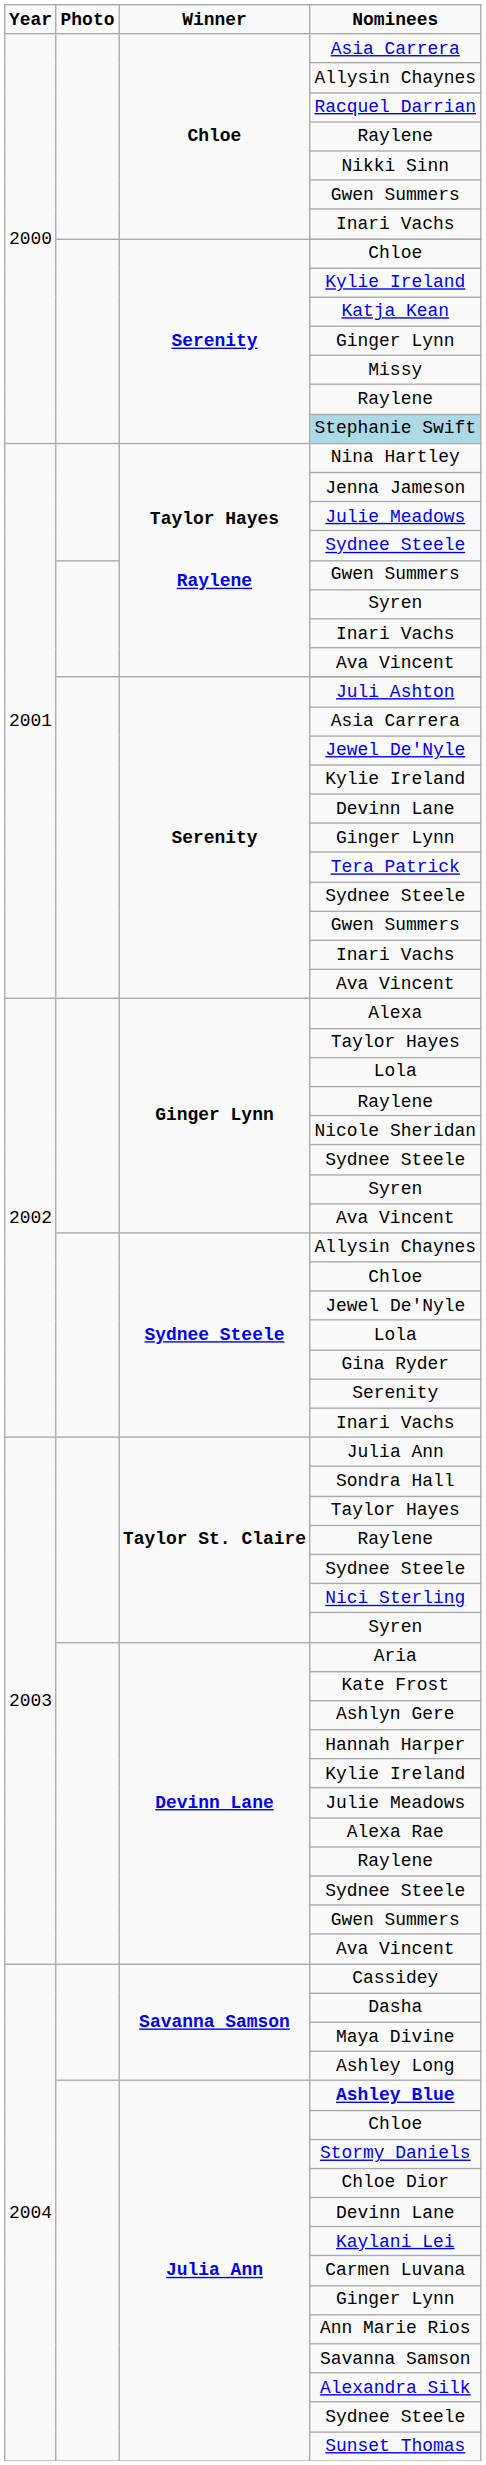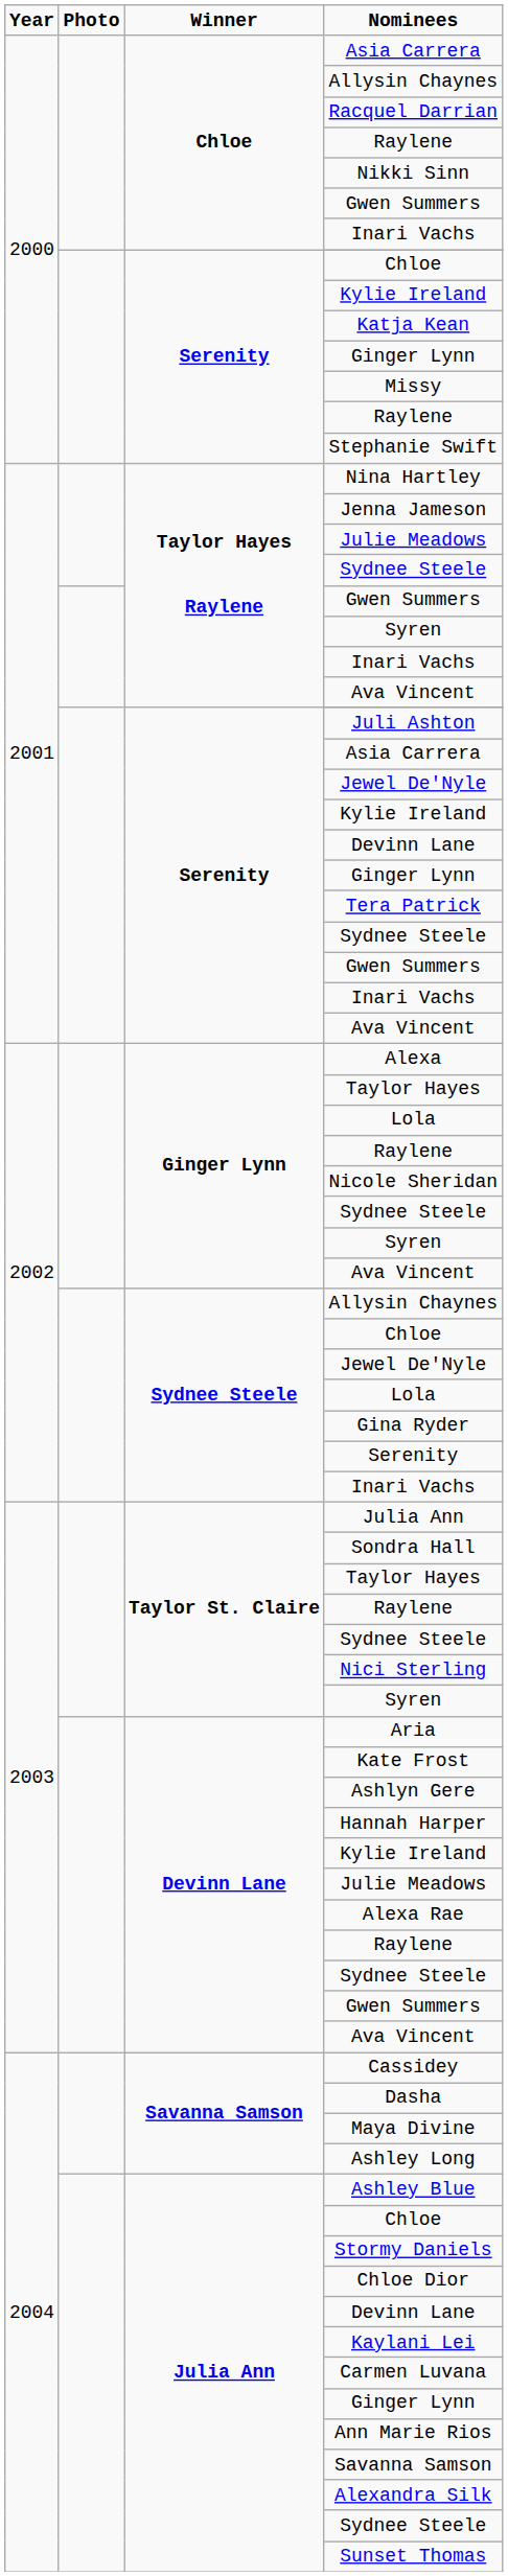 <table class=wikitable>
 <tr>
 <td align=center><strong>Year</strong></td>
 <td align=center><strong>Photo</strong></td>
 <td align=center><strong>Winner<br></strong></td>
 <td align=center><strong>Nominees<br></strong></td>
 </tr>
 <tr>
 <td rowspan=15>2000</td>
 <td rowspan=7 align=center></td>
 <td rowspan=7 align=center><strong>Chloe</strong> <br></td>
 <td align=center><a href='#'>Asia Carrera</a><br></td>
 </tr>
 <tr>
 <td align=center>Allysin Chaynes<br></td>
 </tr>
 <tr>
 <td align=center><a href='#'>Racquel Darrian</a><br></td>
 </tr>
 <tr>
 <td align=center>Raylene<br></td>
 </tr>
 <tr>
 <td align=center>Nikki Sinn<br></td>
 </tr>
 <tr>
 <td align=center>Gwen Summers<br></td>
 </tr>
 <tr>
 <td align=center>Inari Vachs<br></td>
 </tr>
 <tr>
 <td rowspan=8 align=center></td>
 <td rowspan=8 align=center><strong><a href='#'>Serenity</a></strong> <br></td>
 </tr>
 <tr>
 <td align=center>Chloe<br></td>
 </tr>
 <tr>
 <td align=center><a href='#'>Kylie Ireland</a><br></td>
 </tr>
 <tr>
 <td align=center><a href='#'>Katja Kean</a><br></td>
 </tr>
 <tr>
 <td align=center>Ginger Lynn<br></td>
 </tr>
 <tr>
 <td align=center>Missy<br></td>
 </tr>
 <tr>
 <td align=center>Raylene<br></td>
 </tr>
 <tr>
-<td align=center style="background: lightblue;">Stephanie Swift<br></td>
+<td align=center>Stephanie Swift<br></td>
 </tr>
 <tr>
 <td rowspan=20>2001</td>
 <td rowspan=4></td>
 <td rowspan=8 align=center><strong>Taylor Hayes</strong> <br><br><br><strong><a href='#'>Raylene</a></strong> <br><br></td>
 <td align=center>Nina Hartley<br></td>
 </tr>
 <tr>
 <td align=center>Jenna Jameson<br></td>
 </tr>
 <tr>
 <td align=center><a href='#'>Julie Meadows</a><br></td>
 </tr>
 <tr>
 <td align=center><a href='#'>Sydnee Steele</a><br></td>
 </tr>
 <tr>
 <td rowspan=4></td>
 <td align=center>Gwen Summers<br></td>
 </tr>
 <tr>
 <td align=center>Syren<br></td>
 </tr>
 <tr>
 <td align=center>Inari Vachs<br></td>
 </tr>
 <tr>
 <td align=center>Ava Vincent<br></td>
 </tr>
 <tr>
 <td rowspan=12 align=center></td>
 <td rowspan=12 align=center><strong>Serenity</strong> <br></td>
 </tr>
 <tr>
 <td align=center><a href='#'>Juli Ashton</a><br></td>
 </tr>
 <tr>
 <td align=center>Asia Carrera<br></td>
 </tr>
 <tr>
 <td align=center><a href='#'>Jewel De'Nyle</a><br></td>
 </tr>
 <tr>
 <td align=center>Kylie Ireland<br></td>
 </tr>
 <tr>
 <td align=center>Devinn Lane<br></td>
 </tr>
 <tr>
 <td align=center>Ginger Lynn<br></td>
 </tr>
 <tr>
 <td align=center><a href='#'>Tera Patrick</a><br></td>
 </tr>
 <tr>
 <td align=center>Sydnee Steele<br></td>
 </tr>
 <tr>
 <td align=center>Gwen Summers<br></td>
 </tr>
 <tr>
 <td align=center>Inari Vachs<br></td>
 </tr>
 <tr>
 <td align=center>Ava Vincent<br></td>
 </tr>
 <tr>
 <td rowspan=15>2002</td>
 <td rowspan=8 align=center></td>
 <td rowspan=8 align=center><strong>Ginger Lynn</strong> <br></td>
 <td align=center>Alexa<br></td>
 </tr>
 <tr>
 <td align=center>Taylor Hayes<br></td>
 </tr>
 <tr>
 <td align=center>Lola<br></td>
 </tr>
 <tr>
 <td align=center>Raylene<br></td>
 </tr>
 <tr>
 <td align=center>Nicole Sheridan<br></td>
 </tr>
 <tr>
 <td align=center>Sydnee Steele<br></td>
 </tr>
 <tr>
 <td align=center>Syren<br></td>
 </tr>
 <tr>
 <td align=center>Ava Vincent<br></td>
 </tr>
 <tr>
 <td rowspan=7 align=center></td>
 <td rowspan=7 align=center><strong><a href='#'>Sydnee Steele</a></strong> <br></td>
 <td align=center>Allysin Chaynes<br></td>
 </tr>
 <tr>
 <td align=center>Chloe<br></td>
 </tr>
 <tr>
 <td align=center>Jewel De'Nyle<br></td>
 </tr>
 <tr>
 <td align=center>Lola<br></td>
 </tr>
 <tr>
 <td align=center>Gina Ryder<br></td>
 </tr>
 <tr>
 <td align=center>Serenity<br></td>
 </tr>
 <tr>
 <td align=center>Inari Vachs<br></td>
 </tr>
 <tr>
 <td rowspan=18>2003</td>
 <td rowspan=7 align=center></td>
 <td rowspan=7 align=center><strong>Taylor St. Claire</strong> <br></td>
 <td align=center>Julia Ann<br></td>
 </tr>
 <tr>
 <td align=center>Sondra Hall<br></td>
 </tr>
 <tr>
 <td align=center>Taylor Hayes<br></td>
 </tr>
 <tr>
 <td align=center>Raylene<br></td>
 </tr>
 <tr>
 <td align=center>Sydnee Steele<br></td>
 </tr>
 <tr>
 <td align=center><a href='#'>Nici Sterling</a><br></td>
 </tr>
 <tr>
 <td align=center>Syren<br></td>
 </tr>
 <tr>
 <td rowspan=11 align=center></td>
 <td rowspan=11 align=center><strong><a href='#'>Devinn Lane</a></strong> <br></td>
 <td align=center>Aria<br></td>
 </tr>
 <tr>
 <td align=center>Kate Frost<br></td>
 </tr>
 <tr>
 <td align=center>Ashlyn Gere<br></td>
 </tr>
 <tr>
 <td align=center>Hannah Harper<br></td>
 </tr>
 <tr>
 <td align=center>Kylie Ireland<br></td>
 </tr>
 <tr>
 <td align=center>Julie Meadows<br></td>
 </tr>
 <tr>
 <td align=center>Alexa Rae<br></td>
 </tr>
 <tr>
 <td align=center>Raylene<br></td>
 </tr>
 <tr>
 <td align=center>Sydnee Steele<br></td>
 </tr>
 <tr>
 <td align=center>Gwen Summers<br></td>
 </tr>
 <tr>
 <td align=center>Ava Vincent<br></td>
 </tr>
 <tr>
 <td rowspan=17>2004</td>
 <td rowspan=4 align=center></td>
 <td rowspan=4 align=center><strong><a href='#'>Savanna Samson</a></strong> <br></td>
 <td align=center>Cassidey<br></td>
 </tr>
 <tr>
 <td align=center>Dasha<br></td>
 </tr>
 <tr>
 <td align=center>Maya Divine<br></td>
 </tr>
 <tr>
 <td align=center>Ashley Long<br></td>
 </tr>
 <tr>
 <td rowspan=13 align=center></td>
 <td rowspan=13 align=center><strong><a href='#'>Julia Ann</a></strong> <br></td>
-<td align=center><strong><a href='#'>Ashley Blue</a><br></strong></td>
+<td align=center><a href='#'>Ashley Blue</a><br></td>
 </tr>
 <tr>
 <td align=center>Chloe<br></td>
 </tr>
 <tr>
 <td align=center><a href='#'>Stormy Daniels</a><br></td>
 </tr>
 <tr>
 <td align=center>Chloe Dior<br></td>
 </tr>
 <tr>
 <td align=center>Devinn Lane<br></td>
 </tr>
 <tr>
 <td align=center><a href='#'>Kaylani Lei</a><br></td>
 </tr>
 <tr>
 <td align=center>Carmen Luvana<br></td>
 </tr>
 <tr>
 <td align=center>Ginger Lynn<br></td>
 </tr>
 <tr>
 <td align=center>Ann Marie Rios<br></td>
 </tr>
 <tr>
 <td align=center>Savanna Samson<br></td>
 </tr>
 <tr>
 <td align=center><a href='#'>Alexandra Silk</a><br></td>
 </tr>
 <tr>
 <td align=center>Sydnee Steele<br></td>
 </tr>
 <tr>
 <td align=center><a href='#'>Sunset Thomas</a><br></td>
 </tr>
 </table>
